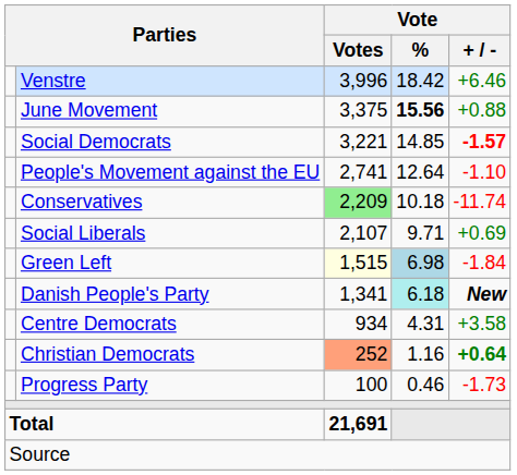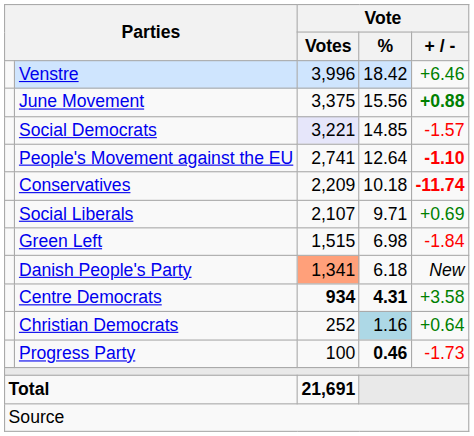 <table class="wikitable" style="text-align:right;">
 <tr>
 <th style="text-align:centre;" rowspan="2" colspan="2" width="225">Parties</th>
 <th colspan="3">Vote</th>
 </tr>
 <tr>
 <th width="15">Votes</th>
 <th width="15">%</th>
 <th width="15">+ / -</th>
 </tr>
 <tr>
 <td width="2" style="color:inherit;background:"></td>
 <td bgcolor=#cfe5fe   align="left"><a href='#'>Venstre</a></td>
 <td bgcolor=#cfe5fe>3,996</td>
 <td bgcolor=#cfe5fe>18.42</td>
 <td style=color:green;>+6.46</td>
 </tr>
 <tr>
 <td width="2" style="color:inherit;background:"></td>
 <td align="left"><a href='#'>June Movement</a></td>
 <td>3,375</td>
-<td><strong>15.56</strong></td>
-<td style=color:green;>+0.88</td>
+<td>15.56</td>
+<td style=color:green;><strong>+0.88</strong></td>
 </tr>
 <tr>
 <td width="2" style="color:inherit;background:"></td>
 <td align="left"><a href='#'>Social Democrats</a></td>
-<td>3,221</td>
+<td style="background: lavender;">3,221</td>
 <td>14.85</td>
-<td style=color:red;><strong>-1.57</strong></td>
+<td style=color:red;>-1.57</td>
 </tr>
 <tr>
 <td width="2" style="color:inherit;background:"></td>
 <td align="left"><a href='#'>People's Movement against the EU</a></td>
 <td>2,741</td>
 <td>12.64</td>
-<td style=color:red;>-1.10</td>
+<td style=color:red;><strong>-1.10</strong></td>
 </tr>
 <tr>
 <td width="2" style="color:inherit;background:"></td>
 <td align="left"><a href='#'>Conservatives</a></td>
-<td style="background: lightgreen;">2,209</td>
+<td>2,209</td>
 <td>10.18</td>
-<td style=color:red;>-11.74</td>
+<td style=color:red;><strong>-11.74</strong></td>
 </tr>
 <tr>
 <td width="2" style="color:inherit;background:"></td>
 <td align="left"><a href='#'>Social Liberals</a></td>
 <td>2,107</td>
 <td>9.71</td>
 <td style=color:green;>+0.69</td>
 </tr>
 <tr>
 <td width="2" style="color:inherit;background:"></td>
 <td align="left"><a href='#'>Green Left</a></td>
-<td style="background: lightyellow;">1,515</td>
-<td style="background: lightblue;">6.98</td>
+<td>1,515</td>
+<td>6.98</td>
 <td style=color:red;>-1.84</td>
 </tr>
 <tr>
 <td width="2" style="color:inherit;background:"></td>
 <td align="left"><a href='#'>Danish People's Party</a></td>
-<td>1,341</td>
-<td style="background: paleturquoise;">6.18</td>
-<td><strong><em>New</em></strong></td>
+<td style="background: lightsalmon;">1,341</td>
+<td>6.18</td>
+<td><em>New</em></td>
 </tr>
 <tr>
 <td width="2" style="color:inherit;background:"></td>
 <td align="left"><a href='#'>Centre Democrats</a></td>
-<td>934</td>
-<td>4.31</td>
+<td><strong>934</strong></td>
+<td><strong>4.31</strong></td>
 <td style=color:green;>+3.58</td>
 </tr>
 <tr>
 <td width="2" style="color:inherit;background:"></td>
 <td align="left"><a href='#'>Christian Democrats</a></td>
-<td style="background: lightsalmon;">252</td>
-<td>1.16</td>
-<td style=color:green;><strong>+0.64</strong></td>
+<td>252</td>
+<td style="background: lightblue;">1.16</td>
+<td style=color:green;>+0.64</td>
 </tr>
 <tr>
 <td width="2" style="color:inherit;background:"></td>
 <td align="left"><a href='#'>Progress Party</a></td>
 <td>100</td>
-<td>0.46</td>
+<td><strong>0.46</strong></td>
 <td style=color:red;>-1.73</td>
 </tr>
 <tr>
 <td colspan="7" bgcolor="#E9E9E9"></td>
 </tr>
 <tr>
 <td align="left" colspan="2"><strong>Total</strong></td>
 <td><strong>21,691</strong></td>
 <td bgcolor="#E9E9E9" colspan="2"></td>
 </tr>
 <tr>
 <td align="left" colspan="6">Source</td>
 </tr>
 </table>
